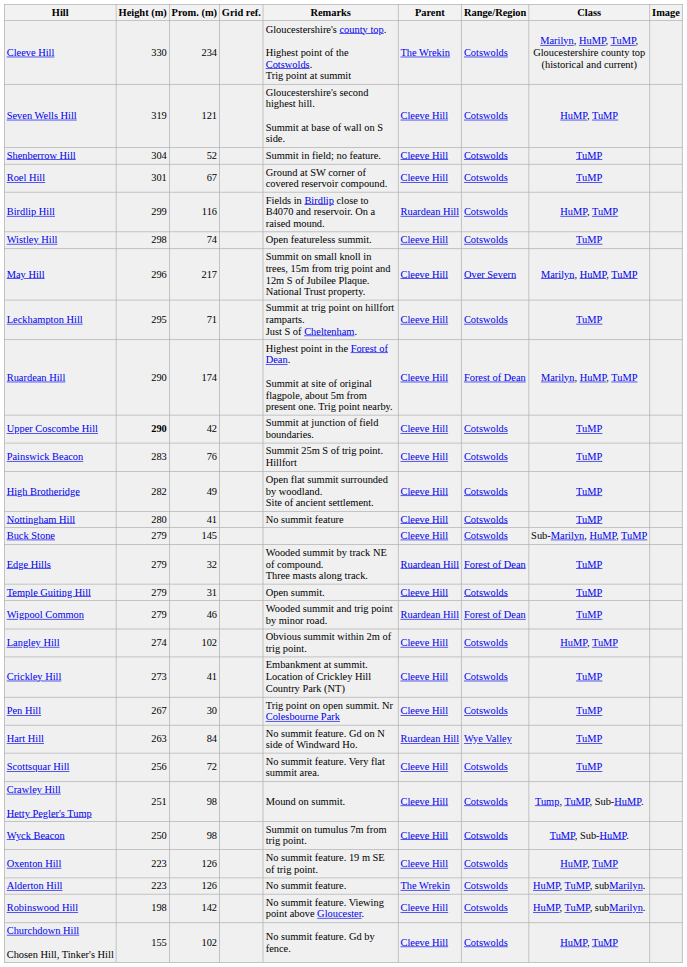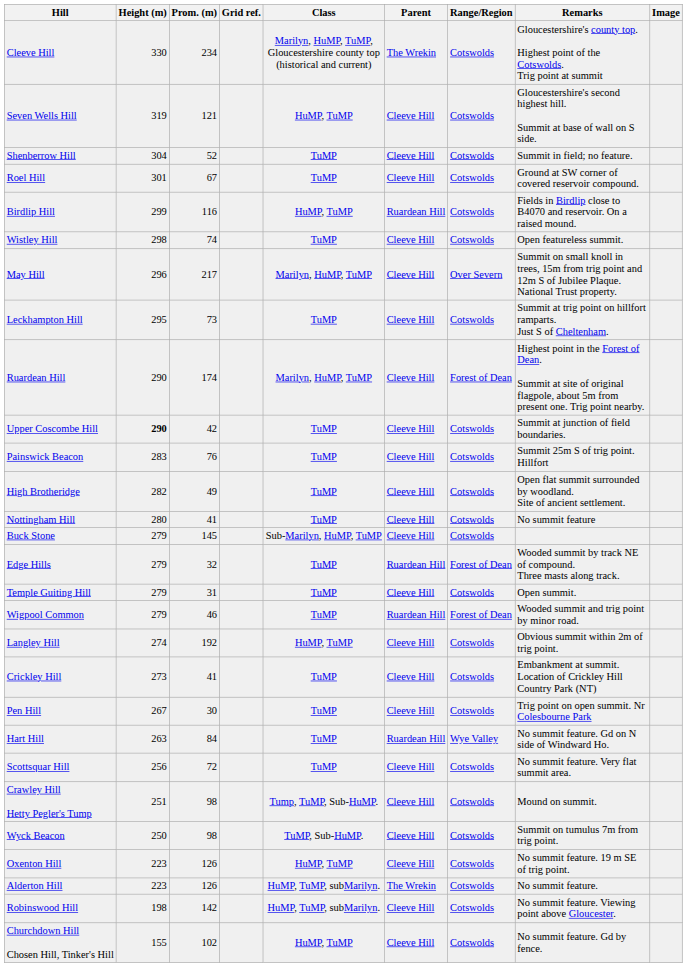 <table class="wikitable sortable" style="border-collapse: collapse; background:#f0f0f0;":#f0f0f0;">
 <tr>
 <th>Hill</th>
 <th>Height (m)</th>
 <th>Prom. (m)</th>
 <th>Grid ref.</th>
-<th class="unsortable">Remarks</th>
+<th>Class</th>
 <th>Parent</th>
 <th>Range/Region</th>
-<th>Class</th>
+<th class="unsortable">Remarks</th>
 <th class="unsortable">Image</th>
 </tr>
 <tr>
 <td><a href='#'>Cleeve Hill</a></td>
 <td align=right>330</td>
 <td align=right>234</td>
 <td></td>
-<td width="200pt">Gloucestershire's <a href='#'>county top</a>.<br><br>Highest point of the <a href='#'>Cotswolds</a>.<br> Trig point at summit</td>
+<td align=center><a href='#'>Marilyn</a>, <a href='#'>HuMP</a>, <a href='#'>TuMP</a>,<br>Gloucestershire county top<br>(historical and current)</td>
 <td><a href='#'>The Wrekin</a></td>
 <td><a href='#'>Cotswolds</a></td>
-<td align=center><a href='#'>Marilyn</a>, <a href='#'>HuMP</a>, <a href='#'>TuMP</a>,<br>Gloucestershire county top<br>(historical and current)</td>
+<td width="200pt">Gloucestershire's <a href='#'>county top</a>.<br><br>Highest point of the <a href='#'>Cotswolds</a>.<br> Trig point at summit</td>
 <td></td>
 </tr>
 <tr>
 <td><a href='#'>Seven Wells Hill</a></td>
 <td align=right>319</td>
 <td align=right>121</td>
 <td></td>
-<td>Gloucestershire's second highest hill.<br><br>Summit at base of wall on S side.</td>
+<td align=center><a href='#'>HuMP</a>, <a href='#'>TuMP</a></td>
 <td><a href='#'>Cleeve Hill</a></td>
 <td><a href='#'>Cotswolds</a></td>
-<td align=center><a href='#'>HuMP</a>, <a href='#'>TuMP</a></td>
+<td>Gloucestershire's second highest hill.<br><br>Summit at base of wall on S side.</td>
 <td></td>
 </tr>
 <tr>
 <td><a href='#'>Shenberrow Hill</a></td>
 <td align=right>304</td>
 <td align=right>52</td>
 <td></td>
-<td>Summit in field; no feature.</td>
+<td align=center><a href='#'>TuMP</a></td>
 <td><a href='#'>Cleeve Hill</a></td>
 <td><a href='#'>Cotswolds</a></td>
-<td align=center><a href='#'>TuMP</a></td>
+<td>Summit in field; no feature.</td>
 <td></td>
 </tr>
 <tr>
 <td><a href='#'>Roel Hill</a></td>
 <td align=right>301</td>
 <td align=right>67</td>
 <td></td>
-<td>Ground at SW corner of covered reservoir compound.</td>
+<td align=center><a href='#'>TuMP</a></td>
 <td><a href='#'>Cleeve Hill</a></td>
 <td><a href='#'>Cotswolds</a></td>
-<td align=center><a href='#'>TuMP</a></td>
+<td>Ground at SW corner of covered reservoir compound.</td>
 <td></td>
 </tr>
 <tr>
 <td><a href='#'>Birdlip Hill</a></td>
 <td align=right>299</td>
 <td align=right>116</td>
 <td></td>
-<td>Fields in <a href='#'>Birdlip</a> close to B4070 and reservoir. On a raised mound.</td>
+<td align=center><a href='#'>HuMP</a>, <a href='#'>TuMP</a></td>
 <td><a href='#'>Ruardean Hill</a></td>
 <td><a href='#'>Cotswolds</a></td>
-<td align=center><a href='#'>HuMP</a>, <a href='#'>TuMP</a></td>
+<td>Fields in <a href='#'>Birdlip</a> close to B4070 and reservoir. On a raised mound.</td>
 <td></td>
 </tr>
 <tr>
 <td><a href='#'>Wistley Hill</a></td>
 <td align=right>298</td>
 <td align=right>74</td>
 <td></td>
-<td>Open featureless summit.</td>
+<td align=center><a href='#'>TuMP</a></td>
 <td><a href='#'>Cleeve Hill</a></td>
 <td><a href='#'>Cotswolds</a></td>
-<td align=center><a href='#'>TuMP</a></td>
+<td>Open featureless summit.</td>
 <td></td>
 </tr>
 <tr>
 <td><a href='#'>May Hill</a></td>
 <td align=right>296</td>
 <td align=right>217</td>
 <td></td>
-<td>Summit on small knoll in trees, 15m from trig point and 12m S of Jubilee Plaque.<br> National Trust property.</td>
+<td align=center><a href='#'>Marilyn</a>, <a href='#'>HuMP</a>, <a href='#'>TuMP</a></td>
 <td><a href='#'>Cleeve Hill</a></td>
 <td><a href='#'>Over Severn</a></td>
-<td align=center><a href='#'>Marilyn</a>, <a href='#'>HuMP</a>, <a href='#'>TuMP</a></td>
+<td>Summit on small knoll in trees, 15m from trig point and 12m S of Jubilee Plaque.<br> National Trust property.</td>
 <td></td>
 </tr>
 <tr>
 <td><a href='#'>Leckhampton Hill</a></td>
 <td align=right>295</td>
-<td align=right>71</td>
+<td align=right>73</td>
 <td></td>
-<td>Summit at trig point on hillfort ramparts.<br>Just S of <a href='#'>Cheltenham</a>.</td>
+<td align=center><a href='#'>TuMP</a></td>
 <td><a href='#'>Cleeve Hill</a></td>
 <td><a href='#'>Cotswolds</a></td>
-<td align=center><a href='#'>TuMP</a></td>
+<td>Summit at trig point on hillfort ramparts.<br>Just S of <a href='#'>Cheltenham</a>.</td>
 <td></td>
 </tr>
 <tr>
 <td><a href='#'>Ruardean Hill</a></td>
 <td align=right>290</td>
 <td align=right>174</td>
 <td></td>
-<td>Highest point in the <a href='#'>Forest of Dean</a>.<br><br>Summit at site of original flagpole, about 5m from present one. Trig point nearby.</td>
+<td align=center><a href='#'>Marilyn</a>, <a href='#'>HuMP</a>, <a href='#'>TuMP</a></td>
 <td><a href='#'>Cleeve Hill</a></td>
 <td><a href='#'>Forest of Dean</a></td>
-<td align=center><a href='#'>Marilyn</a>, <a href='#'>HuMP</a>, <a href='#'>TuMP</a></td>
+<td>Highest point in the <a href='#'>Forest of Dean</a>.<br><br>Summit at site of original flagpole, about 5m from present one. Trig point nearby.</td>
 <td></td>
 </tr>
 <tr>
 <td><a href='#'>Upper Coscombe Hill</a></td>
 <td align=right><strong>290</strong></td>
 <td align=right>42</td>
 <td></td>
-<td>Summit at junction of field boundaries.</td>
+<td align=center><a href='#'>TuMP</a></td>
 <td><a href='#'>Cleeve Hill</a></td>
 <td><a href='#'>Cotswolds</a></td>
-<td align=center><a href='#'>TuMP</a></td>
+<td>Summit at junction of field boundaries.</td>
 <td></td>
 </tr>
 <tr>
 <td><a href='#'>Painswick Beacon</a></td>
 <td align=right>283</td>
 <td align=right>76</td>
 <td></td>
-<td>Summit 25m S of trig point.<br>Hillfort</td>
+<td align=center><a href='#'>TuMP</a></td>
 <td><a href='#'>Cleeve Hill</a></td>
 <td><a href='#'>Cotswolds</a></td>
-<td align=center><a href='#'>TuMP</a></td>
+<td>Summit 25m S of trig point.<br>Hillfort</td>
 <td></td>
 </tr>
 <tr>
 <td><a href='#'>High Brotheridge</a></td>
 <td align=right>282</td>
 <td align=right>49</td>
 <td></td>
-<td>Open flat summit surrounded by woodland.<br>Site of ancient settlement.</td>
+<td align=center><a href='#'>TuMP</a></td>
 <td><a href='#'>Cleeve Hill</a></td>
 <td><a href='#'>Cotswolds</a></td>
-<td align=center><a href='#'>TuMP</a></td>
+<td>Open flat summit surrounded by woodland.<br>Site of ancient settlement.</td>
 <td></td>
 </tr>
 <tr>
 <td><a href='#'>Nottingham Hill</a></td>
 <td align=right>280</td>
 <td align=right>41</td>
 <td></td>
-<td>No summit feature</td>
+<td align=center><a href='#'>TuMP</a></td>
 <td><a href='#'>Cleeve Hill</a></td>
 <td><a href='#'>Cotswolds</a></td>
-<td align=center><a href='#'>TuMP</a></td>
+<td>No summit feature</td>
 <td></td>
 </tr>
 <tr>
 <td><a href='#'>Buck Stone</a></td>
 <td align=right>279</td>
 <td align=right>145</td>
 <td></td>
-<td></td>
+<td align=center>Sub-<a href='#'>Marilyn</a>, <a href='#'>HuMP</a>, <a href='#'>TuMP</a></td>
 <td><a href='#'>Cleeve Hill</a></td>
 <td><a href='#'>Cotswolds</a></td>
-<td align=center>Sub-<a href='#'>Marilyn</a>, <a href='#'>HuMP</a>, <a href='#'>TuMP</a></td>
+<td></td>
 <td></td>
 </tr>
 <tr>
 <td><a href='#'>Edge Hills</a></td>
 <td align=right>279</td>
 <td align=right>32</td>
 <td></td>
-<td>Wooded summit by track NE of compound.<br>Three masts along track.</td>
+<td align=center><a href='#'>TuMP</a></td>
 <td><a href='#'>Ruardean Hill</a></td>
 <td><a href='#'>Forest of Dean</a></td>
-<td align=center><a href='#'>TuMP</a></td>
+<td>Wooded summit by track NE of compound.<br>Three masts along track.</td>
 <td></td>
 </tr>
 <tr>
 <td><a href='#'>Temple Guiting Hill</a></td>
 <td align=right>279</td>
 <td align=right>31</td>
 <td></td>
-<td>Open summit.</td>
+<td align=center><a href='#'>TuMP</a></td>
 <td><a href='#'>Cleeve Hill</a></td>
 <td><a href='#'>Cotswolds</a></td>
-<td align=center><a href='#'>TuMP</a></td>
+<td>Open summit.</td>
 <td></td>
 </tr>
 <tr>
 <td><a href='#'>Wigpool Common</a></td>
 <td align=right>279</td>
 <td align=right>46</td>
 <td></td>
-<td>Wooded summit and trig point by minor road.</td>
+<td align=center><a href='#'>TuMP</a></td>
 <td><a href='#'>Ruardean Hill</a></td>
 <td><a href='#'>Forest of Dean</a></td>
-<td align=center><a href='#'>TuMP</a></td>
+<td>Wooded summit and trig point by minor road.</td>
 <td></td>
 </tr>
 <tr>
 <td><a href='#'>Langley Hill</a></td>
 <td align=right>274</td>
-<td align=right>102</td>
+<td align=right>192</td>
 <td></td>
-<td>Obvious summit within 2m of trig point.</td>
+<td align=center><a href='#'>HuMP</a>, <a href='#'>TuMP</a></td>
 <td><a href='#'>Cleeve Hill</a></td>
 <td><a href='#'>Cotswolds</a></td>
-<td align=center><a href='#'>HuMP</a>, <a href='#'>TuMP</a></td>
+<td>Obvious summit within 2m of trig point.</td>
 <td></td>
 </tr>
 <tr>
 <td><a href='#'>Crickley Hill</a></td>
 <td align=right>273</td>
 <td align=right>41</td>
 <td></td>
-<td>Embankment at summit. Location of Crickley Hill Country Park (NT)</td>
+<td align=center><a href='#'>TuMP</a></td>
 <td><a href='#'>Cleeve Hill</a></td>
 <td><a href='#'>Cotswolds</a></td>
-<td align=center><a href='#'>TuMP</a></td>
+<td>Embankment at summit. Location of Crickley Hill Country Park (NT)</td>
 <td></td>
 </tr>
 <tr>
 <td><a href='#'>Pen Hill</a></td>
 <td align=right>267</td>
 <td align=right>30</td>
 <td></td>
-<td>Trig point on open summit. Nr <a href='#'>Colesbourne Park</a></td>
+<td align=center><a href='#'>TuMP</a></td>
 <td><a href='#'>Cleeve Hill</a></td>
 <td><a href='#'>Cotswolds</a></td>
-<td align=center><a href='#'>TuMP</a></td>
+<td>Trig point on open summit. Nr <a href='#'>Colesbourne Park</a></td>
 <td></td>
 </tr>
 <tr>
 <td><a href='#'>Hart Hill</a></td>
 <td align=right>263</td>
 <td align=right>84</td>
 <td></td>
-<td>No summit feature. Gd on N side of Windward Ho.</td>
+<td align=center><a href='#'>TuMP</a></td>
 <td><a href='#'>Ruardean Hill</a></td>
 <td><a href='#'>Wye Valley</a></td>
-<td align=center><a href='#'>TuMP</a></td>
+<td>No summit feature. Gd on N side of Windward Ho.</td>
 <td></td>
 </tr>
 <tr>
 <td><a href='#'>Scottsquar Hill</a></td>
 <td align=right>256</td>
 <td align=right>72</td>
 <td></td>
-<td>No summit feature. Very flat summit area.</td>
+<td align=center><a href='#'>TuMP</a></td>
 <td><a href='#'>Cleeve Hill</a></td>
 <td><a href='#'>Cotswolds</a></td>
-<td align=center><a href='#'>TuMP</a></td>
+<td>No summit feature. Very flat summit area.</td>
 <td></td>
 </tr>
 <tr>
 <td><a href='#'>Crawley Hill</a><br><br><a href='#'>Hetty Pegler's Tump</a></td>
 <td align=right>251</td>
 <td align=right>98</td>
 <td></td>
-<td>Mound on summit.</td>
+<td align=center><a href='#'>Tump</a>, <a href='#'>TuMP</a>, Sub-<a href='#'>HuMP</a>.</td>
 <td><a href='#'>Cleeve Hill</a></td>
 <td><a href='#'>Cotswolds</a></td>
-<td align=center><a href='#'>Tump</a>, <a href='#'>TuMP</a>, Sub-<a href='#'>HuMP</a>.</td>
+<td>Mound on summit.</td>
 <td></td>
 </tr>
 <tr>
 <td><a href='#'>Wyck Beacon</a></td>
 <td align=right>250</td>
 <td align=right>98</td>
 <td></td>
-<td>Summit on tumulus 7m from trig point.</td>
+<td align=center><a href='#'>TuMP</a>, Sub-<a href='#'>HuMP</a>.</td>
 <td><a href='#'>Cleeve Hill</a></td>
 <td><a href='#'>Cotswolds</a></td>
-<td align=center><a href='#'>TuMP</a>, Sub-<a href='#'>HuMP</a>.</td>
+<td>Summit on tumulus 7m from trig point.</td>
 <td></td>
 </tr>
 <tr>
 <td><a href='#'>Oxenton Hill</a></td>
 <td align=right>223</td>
 <td align=right>126</td>
 <td></td>
-<td>No summit feature. 19 m SE of trig point.</td>
+<td align=center><a href='#'>HuMP</a>, <a href='#'>TuMP</a></td>
 <td><a href='#'>Cleeve Hill</a></td>
 <td><a href='#'>Cotswolds</a></td>
-<td align=center><a href='#'>HuMP</a>, <a href='#'>TuMP</a></td>
+<td>No summit feature. 19 m SE of trig point.</td>
 <td></td>
 </tr>
 <tr>
 <td><a href='#'>Alderton Hill</a></td>
 <td align=right>223</td>
 <td align=right>126</td>
 <td></td>
-<td>No summit feature.</td>
+<td align=center><a href='#'>HuMP</a>, <a href='#'>TuMP</a>, sub<a href='#'>Marilyn</a>.</td>
 <td><a href='#'>The Wrekin</a></td>
 <td><a href='#'>Cotswolds</a></td>
-<td align=center><a href='#'>HuMP</a>, <a href='#'>TuMP</a>, sub<a href='#'>Marilyn</a>.</td>
+<td>No summit feature.</td>
 <td></td>
 </tr>
 <tr>
 <td><a href='#'>Robinswood Hill</a></td>
 <td align=right>198</td>
 <td align=right>142</td>
 <td></td>
-<td>No summit feature. Viewing point above <a href='#'>Gloucester</a>.</td>
+<td align=center><a href='#'>HuMP</a>, <a href='#'>TuMP</a>, sub<a href='#'>Marilyn</a>.</td>
 <td><a href='#'>Cleeve Hill</a></td>
 <td><a href='#'>Cotswolds</a></td>
-<td align=center><a href='#'>HuMP</a>, <a href='#'>TuMP</a>, sub<a href='#'>Marilyn</a>.</td>
+<td>No summit feature. Viewing point above <a href='#'>Gloucester</a>.</td>
 <td></td>
 </tr>
 <tr>
 <td><a href='#'>Churchdown Hill</a><br><br>Chosen Hill, Tinker's Hill</td>
 <td align=right>155</td>
 <td align=right>102</td>
 <td></td>
-<td>No summit feature. Gd by fence.</td>
+<td align=center><a href='#'>HuMP</a>, <a href='#'>TuMP</a></td>
 <td><a href='#'>Cleeve Hill</a></td>
 <td><a href='#'>Cotswolds</a></td>
-<td align=center><a href='#'>HuMP</a>, <a href='#'>TuMP</a></td>
+<td>No summit feature. Gd by fence.</td>
 <td></td>
 </tr>
 </table>
